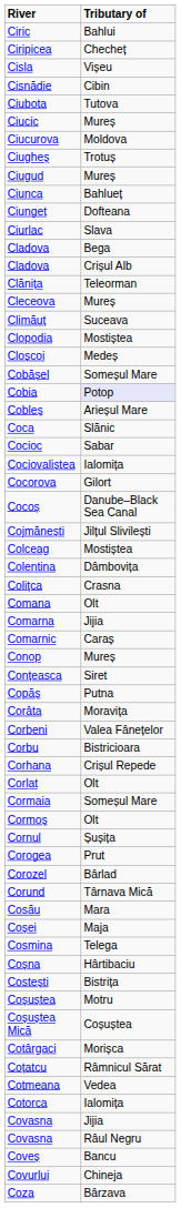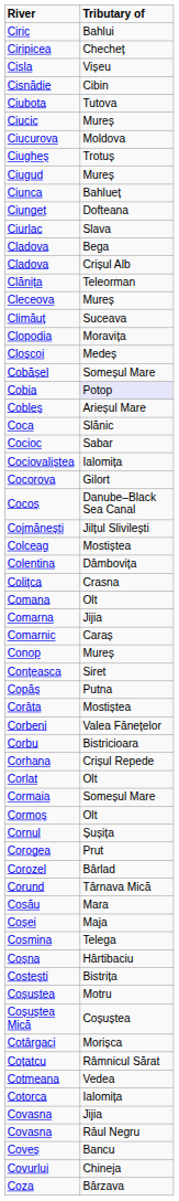 <table class="wikitable">
 <tr>
 <td width="100pt"><strong>River</strong></td>
 <td width="125pt"><strong>Tributary of</strong></td>
 </tr>
 <tr>
 <td><a href='#'>Ciric</a></td>
 <td>Bahlui</td>
 </tr>
 <tr>
 <td><a href='#'>Ciripicea</a></td>
 <td>Checheț</td>
 </tr>
 <tr>
 <td><a href='#'>Cisla</a></td>
 <td>Vișeu</td>
 </tr>
 <tr>
 <td><a href='#'>Cisnădie</a></td>
 <td>Cibin</td>
 </tr>
 <tr>
 <td><a href='#'>Ciubota</a></td>
 <td>Tutova</td>
 </tr>
 <tr>
 <td><a href='#'>Ciucic</a></td>
 <td>Mureș</td>
 </tr>
 <tr>
 <td><a href='#'>Ciucurova</a></td>
 <td>Moldova</td>
 </tr>
 <tr>
 <td><a href='#'>Ciugheș</a></td>
 <td>Trotuș</td>
 </tr>
 <tr>
 <td><a href='#'>Ciugud</a></td>
 <td>Mureș</td>
 </tr>
 <tr>
 <td><a href='#'>Ciunca</a></td>
 <td>Bahlueț</td>
 </tr>
 <tr>
 <td><a href='#'>Ciunget</a></td>
 <td>Dofteana</td>
 </tr>
 <tr>
 <td><a href='#'>Ciurlac</a></td>
 <td>Slava</td>
 </tr>
 <tr>
 <td><a href='#'>Cladova</a></td>
 <td>Bega</td>
 </tr>
 <tr>
 <td><a href='#'>Cladova</a></td>
 <td>Crișul Alb</td>
 </tr>
 <tr>
 <td><a href='#'>Clănița</a></td>
 <td>Teleorman</td>
 </tr>
 <tr>
 <td><a href='#'>Cleceova</a></td>
 <td>Mureș</td>
 </tr>
 <tr>
 <td><a href='#'>Climăuț</a></td>
 <td>Suceava</td>
 </tr>
 <tr>
 <td><a href='#'>Clopodia</a></td>
-<td>Mostiștea</td>
+<td>Moravița</td>
 </tr>
 <tr>
 <td><a href='#'>Cloșcoi</a></td>
 <td>Medeș</td>
 </tr>
 <tr>
 <td><a href='#'>Cobășel</a></td>
 <td>Someșul Mare</td>
 </tr>
 <tr>
 <td><a href='#'>Cobia</a></td>
 <td style="background: lavender;">Potop</td>
 </tr>
 <tr>
 <td><a href='#'>Cobleș</a></td>
 <td>Arieșul Mare</td>
 </tr>
 <tr>
 <td><a href='#'>Coca</a></td>
 <td>Slănic</td>
 </tr>
 <tr>
 <td><a href='#'>Cocioc</a></td>
 <td>Sabar</td>
 </tr>
 <tr>
 <td><a href='#'>Cociovaliștea</a></td>
 <td>Ialomița</td>
 </tr>
 <tr>
 <td><a href='#'>Cocorova</a></td>
 <td>Gilort</td>
 </tr>
 <tr>
 <td><a href='#'>Cocoș</a></td>
 <td>Danube–Black Sea Canal</td>
 </tr>
 <tr>
 <td><a href='#'>Cojmănești</a></td>
 <td>Jilțul Slivilești</td>
 </tr>
 <tr>
 <td><a href='#'>Colceag</a></td>
 <td>Mostiștea</td>
 </tr>
 <tr>
 <td><a href='#'>Colentina</a></td>
 <td>Dâmbovița</td>
 </tr>
 <tr>
 <td><a href='#'>Colițca</a></td>
 <td>Crasna</td>
 </tr>
 <tr>
 <td><a href='#'>Comana</a></td>
 <td>Olt</td>
 </tr>
 <tr>
 <td><a href='#'>Comarna</a></td>
 <td>Jijia</td>
 </tr>
 <tr>
 <td><a href='#'>Comarnic</a></td>
 <td>Caraș</td>
 </tr>
 <tr>
 <td><a href='#'>Conop</a></td>
 <td>Mureș</td>
 </tr>
 <tr>
 <td><a href='#'>Conțeasca</a></td>
 <td>Siret</td>
 </tr>
 <tr>
 <td><a href='#'>Copăș</a></td>
 <td>Putna</td>
 </tr>
 <tr>
 <td><a href='#'>Corâta</a></td>
-<td>Moravița</td>
+<td>Mostiștea</td>
 </tr>
 <tr>
 <td><a href='#'>Corbeni</a></td>
 <td>Valea Fânețelor</td>
 </tr>
 <tr>
 <td><a href='#'>Corbu</a></td>
 <td>Bistricioara</td>
 </tr>
 <tr>
 <td><a href='#'>Corhana</a></td>
 <td>Crișul Repede</td>
 </tr>
 <tr>
 <td><a href='#'>Corlat</a></td>
 <td>Olt</td>
 </tr>
 <tr>
 <td><a href='#'>Cormaia</a></td>
 <td>Someșul Mare</td>
 </tr>
 <tr>
 <td><a href='#'>Cormoș</a></td>
 <td>Olt</td>
 </tr>
 <tr>
 <td><a href='#'>Cornul</a></td>
 <td>Șușița</td>
 </tr>
 <tr>
 <td><a href='#'>Corogea</a></td>
 <td>Prut</td>
 </tr>
 <tr>
 <td><a href='#'>Corozel</a></td>
 <td>Bârlad</td>
 </tr>
 <tr>
 <td><a href='#'>Corund</a></td>
 <td>Târnava Mică</td>
 </tr>
 <tr>
 <td><a href='#'>Cosău</a></td>
 <td>Mara</td>
 </tr>
 <tr>
 <td><a href='#'>Coșei</a></td>
 <td>Maja</td>
 </tr>
 <tr>
 <td><a href='#'>Cosmina</a></td>
 <td>Telega</td>
 </tr>
 <tr>
 <td><a href='#'>Coșna</a></td>
 <td>Hârtibaciu</td>
 </tr>
 <tr>
 <td><a href='#'>Costești</a></td>
 <td>Bistrița</td>
 </tr>
 <tr>
 <td><a href='#'>Coșuștea</a></td>
 <td>Motru</td>
 </tr>
 <tr>
 <td><a href='#'>Coșuștea Mică</a></td>
 <td>Coșuștea</td>
 </tr>
 <tr>
 <td><a href='#'>Cotârgaci</a></td>
 <td>Morișca</td>
 </tr>
 <tr>
 <td><a href='#'>Coțatcu</a></td>
 <td>Râmnicul Sărat</td>
 </tr>
 <tr>
 <td><a href='#'>Cotmeana</a></td>
 <td>Vedea</td>
 </tr>
 <tr>
 <td><a href='#'>Cotorca</a></td>
 <td>Ialomița</td>
 </tr>
 <tr>
 <td><a href='#'>Covasna</a></td>
 <td>Jijia</td>
 </tr>
 <tr>
 <td><a href='#'>Covasna</a></td>
 <td>Râul Negru</td>
 </tr>
 <tr>
 <td><a href='#'>Coveș</a></td>
 <td>Bancu</td>
 </tr>
 <tr>
 <td><a href='#'>Covurlui</a></td>
 <td>Chineja</td>
 </tr>
 <tr>
 <td><a href='#'>Coza</a></td>
 <td>Bârzava</td>
 </tr>
 </table>
